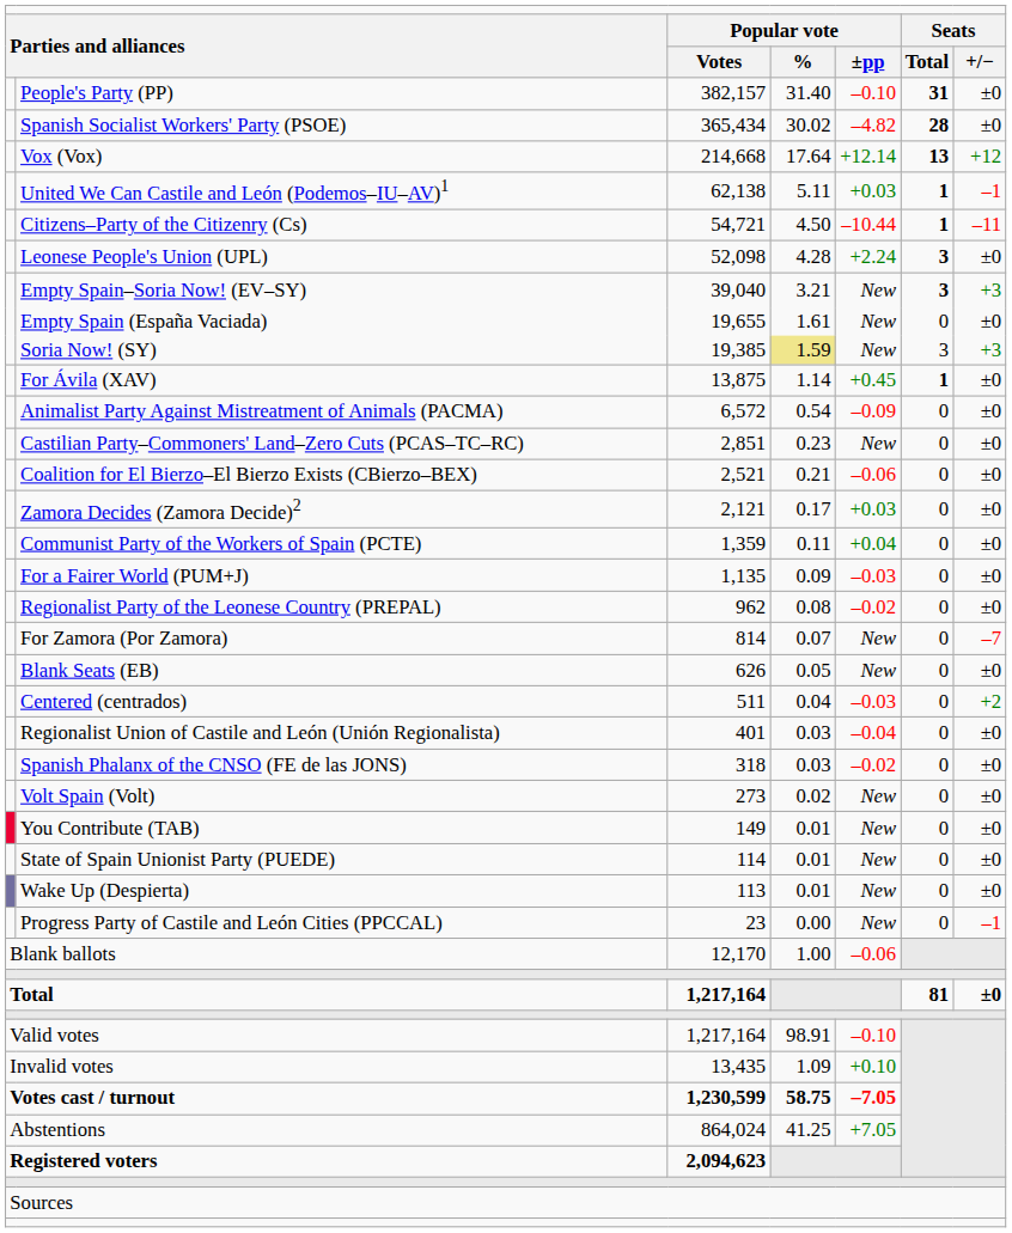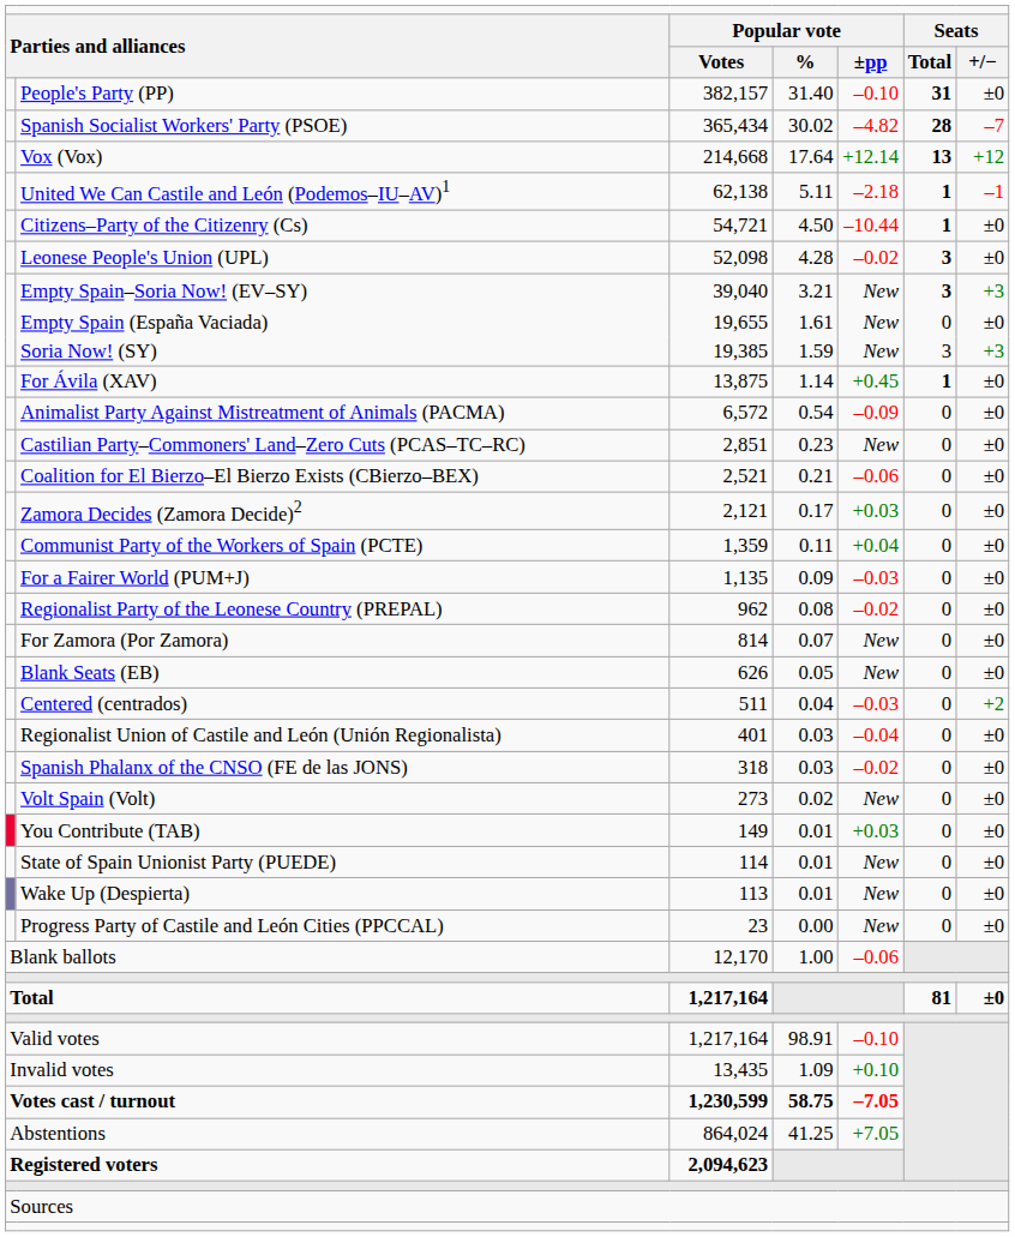 <table class="wikitable" style="text-align:right;">
 <tr>
 <td colspan="7"></td>
 </tr>
 <tr>
 <th style="text-align:left;" rowspan="2" colspan="2" width="525">Parties and alliances</th>
 <th colspan="3">Popular vote</th>
 <th colspan="2">Seats</th>
 </tr>
 <tr>
 <th width="75">Votes</th>
 <th width="45">%</th>
 <th width="45">±<a href='#'>pp</a></th>
 <th width="35">Total</th>
 <th width="35">+/−</th>
 </tr>
 <tr>
 <td width="1" style="color:inherit;background:"></td>
 <td align="left"><a href='#'>People's Party</a> (PP)</td>
 <td>382,157</td>
 <td>31.40</td>
 <td style="color:red;">–0.10</td>
 <td><strong>31</strong></td>
 <td>±0</td>
 </tr>
 <tr>
 <td style="color:inherit;background:"></td>
 <td align="left"><a href='#'>Spanish Socialist Workers' Party</a> (PSOE)</td>
 <td>365,434</td>
 <td>30.02</td>
 <td style="color:red;">–4.82</td>
 <td><strong>28</strong></td>
-<td>±0</td>
+<td style="color:red;">–7</td>
 </tr>
 <tr>
 <td style="color:inherit;background:"></td>
 <td align="left"><a href='#'>Vox</a> (Vox)</td>
 <td>214,668</td>
 <td>17.64</td>
 <td style="color:green;">+12.14</td>
 <td><strong>13</strong></td>
 <td style="color:green;">+12</td>
 </tr>
 <tr>
 <td style="color:inherit;background:"></td>
 <td align="left"><a href='#'>United We Can Castile and León</a> (<a href='#'>Podemos</a>–<a href='#'>IU</a>–<a href='#'>AV</a>)<sup>1</sup></td>
 <td>62,138</td>
 <td>5.11</td>
-<td style="color:green;">+0.03</td>
+<td style="color:red;">–2.18</td>
 <td><strong>1</strong></td>
 <td style="color:red;">–1</td>
 </tr>
 <tr>
 <td style="color:inherit;background:"></td>
 <td align="left"><a href='#'>Citizens–Party of the Citizenry</a> (Cs)</td>
 <td>54,721</td>
 <td>4.50</td>
 <td style="color:red;">–10.44</td>
 <td><strong>1</strong></td>
-<td style="color:red;">–11</td>
+<td>±0</td>
 </tr>
 <tr>
 <td style="color:inherit;background:"></td>
 <td align="left"><a href='#'>Leonese People's Union</a> (UPL)</td>
 <td>52,098</td>
 <td>4.28</td>
-<td style="color:green;">+2.24</td>
+<td style="color:red;">–0.02</td>
 <td><strong>3</strong></td>
 <td>±0</td>
 </tr>
 <tr style="line-height:22px;">
 <td rowspan="3" style="color:inherit;background:"></td>
 <td align="left"><a href='#'>Empty Spain</a>–<a href='#'>Soria Now!</a> (EV–SY)</td>
 <td>39,040</td>
 <td>3.21</td>
 <td><em>New</em></td>
 <td><strong>3</strong></td>
 <td style="color:green;">+3</td>
 </tr>
 <tr style="border-bottom-style:hidden; border-top-style:hidden; line-height:16px;">
 <td align="left"><span><a href='#'>Empty Spain</a> (España Vaciada)</span></td>
 <td>19,655</td>
 <td>1.61</td>
 <td><em>New</em></td>
 <td>0</td>
 <td>±0</td>
 </tr>
 <tr style="line-height:16px;">
 <td align="left"><span><a href='#'>Soria Now!</a> (SY)</span></td>
 <td>19,385</td>
-<td style="background: khaki;">1.59</td>
+<td>1.59</td>
 <td><em>New</em></td>
 <td>3</td>
 <td style="color:green;">+3</td>
 </tr>
 <tr>
 <td style="color:inherit;background:"></td>
 <td align="left"><a href='#'>For Ávila</a> (XAV)</td>
 <td>13,875</td>
 <td>1.14</td>
 <td style="color:green;">+0.45</td>
 <td><strong>1</strong></td>
 <td>±0</td>
 </tr>
 <tr>
 <td style="color:inherit;background:"></td>
 <td align="left"><a href='#'>Animalist Party Against Mistreatment of Animals</a> (PACMA)</td>
 <td>6,572</td>
 <td>0.54</td>
 <td style="color:red;">–0.09</td>
 <td>0</td>
 <td>±0</td>
 </tr>
 <tr>
 <td style="color:inherit;background:"></td>
 <td align="left"><a href='#'>Castilian Party</a>–<a href='#'>Commoners' Land</a>–<a href='#'>Zero Cuts</a> (PCAS–TC–RC)</td>
 <td>2,851</td>
 <td>0.23</td>
 <td><em>New</em></td>
 <td>0</td>
 <td>±0</td>
 </tr>
 <tr>
 <td style="color:inherit;background:"></td>
 <td align="left"><a href='#'>Coalition for El Bierzo</a>–El Bierzo Exists (CBierzo–BEX)</td>
 <td>2,521</td>
 <td>0.21</td>
 <td style="color:red;">–0.06</td>
 <td>0</td>
 <td>±0</td>
 </tr>
 <tr>
 <td style="color:inherit;background:"></td>
 <td align="left"><a href='#'>Zamora Decides</a> (Zamora Decide)<sup>2</sup></td>
 <td>2,121</td>
 <td>0.17</td>
 <td style="color:green;">+0.03</td>
 <td>0</td>
 <td>±0</td>
 </tr>
 <tr>
 <td style="color:inherit;background:"></td>
 <td align="left"><a href='#'>Communist Party of the Workers of Spain</a> (PCTE)</td>
 <td>1,359</td>
 <td>0.11</td>
 <td style="color:green;">+0.04</td>
 <td>0</td>
 <td>±0</td>
 </tr>
 <tr>
 <td style="color:inherit;background:"></td>
 <td align="left"><a href='#'>For a Fairer World</a> (PUM+J)</td>
 <td>1,135</td>
 <td>0.09</td>
 <td style="color:red;">–0.03</td>
 <td>0</td>
 <td>±0</td>
 </tr>
 <tr>
 <td style="color:inherit;background:"></td>
 <td align="left"><a href='#'>Regionalist Party of the Leonese Country</a> (PREPAL)</td>
 <td>962</td>
 <td>0.08</td>
 <td style="color:red;">–0.02</td>
 <td>0</td>
 <td>±0</td>
 </tr>
 <tr>
 <td style="color:inherit;background:"></td>
 <td align="left">For Zamora (Por Zamora)</td>
 <td>814</td>
 <td>0.07</td>
 <td><em>New</em></td>
 <td>0</td>
-<td style="color:red;">–7</td>
+<td>±0</td>
 </tr>
 <tr>
 <td style="color:inherit;background:"></td>
 <td align="left"><a href='#'>Blank Seats</a> (EB)</td>
 <td>626</td>
 <td>0.05</td>
 <td><em>New</em></td>
 <td>0</td>
 <td>±0</td>
 </tr>
 <tr>
 <td style="color:inherit;background:"></td>
 <td align="left"><a href='#'>Centered</a> (centrados)</td>
 <td>511</td>
 <td>0.04</td>
 <td style="color:red;">–0.03</td>
 <td>0</td>
 <td style="color:green;">+2</td>
 </tr>
 <tr>
 <td style="color:inherit;background:"></td>
 <td align="left">Regionalist Union of Castile and León (Unión Regionalista)</td>
 <td>401</td>
 <td>0.03</td>
 <td style="color:red;">–0.04</td>
 <td>0</td>
 <td>±0</td>
 </tr>
 <tr>
 <td style="color:inherit;background:"></td>
 <td align="left"><a href='#'>Spanish Phalanx of the CNSO</a> (FE de las JONS)</td>
 <td>318</td>
 <td>0.03</td>
 <td style="color:red;">–0.02</td>
 <td>0</td>
 <td>±0</td>
 </tr>
 <tr>
 <td style="color:inherit;background:"></td>
 <td align="left"><a href='#'>Volt Spain</a> (Volt)</td>
 <td>273</td>
 <td>0.02</td>
 <td><em>New</em></td>
 <td>0</td>
 <td>±0</td>
 </tr>
 <tr>
 <td style="color:inherit;background:#EC0035"></td>
 <td align="left">You Contribute (TAB)</td>
 <td>149</td>
 <td>0.01</td>
-<td><em>New</em></td>
+<td style="color:green;">+0.03</td>
 <td>0</td>
 <td>±0</td>
 </tr>
 <tr>
 <td style="color:inherit;background:"></td>
 <td align="left">State of Spain Unionist Party (PUEDE)</td>
 <td>114</td>
 <td>0.01</td>
 <td><em>New</em></td>
 <td>0</td>
 <td>±0</td>
 </tr>
 <tr>
 <td style="color:inherit;background:#716E9F"></td>
 <td align="left">Wake Up (Despierta)</td>
 <td>113</td>
 <td>0.01</td>
 <td><em>New</em></td>
 <td>0</td>
 <td>±0</td>
 </tr>
 <tr>
 <td style="color:inherit;background:"></td>
 <td align="left">Progress Party of Castile and León Cities (PPCCAL)</td>
 <td>23</td>
 <td>0.00</td>
 <td><em>New</em></td>
 <td>0</td>
-<td style="color:red;">–1</td>
+<td>±0</td>
 </tr>
 <tr>
 <td align="left" colspan="2">Blank ballots</td>
 <td>12,170</td>
 <td>1.00</td>
 <td style="color:red;">–0.06</td>
 <td bgcolor="#E9E9E9" colspan="2"></td>
 </tr>
 <tr>
 <td colspan="7" bgcolor="#E9E9E9"></td>
 </tr>
 <tr style="font-weight:bold;">
 <td align="left" colspan="2">Total</td>
 <td>1,217,164</td>
 <td bgcolor="#E9E9E9" colspan="2"></td>
 <td>81</td>
 <td>±0</td>
 </tr>
 <tr>
 <td colspan="7" bgcolor="#E9E9E9"></td>
 </tr>
 <tr>
 <td align="left" colspan="2">Valid votes</td>
 <td>1,217,164</td>
 <td>98.91</td>
 <td style="color:red;">–0.10</td>
 <td bgcolor="#E9E9E9" colspan="2" rowspan="5"></td>
 </tr>
 <tr>
 <td align="left" colspan="2">Invalid votes</td>
 <td>13,435</td>
 <td>1.09</td>
 <td style="color:green;">+0.10</td>
 </tr>
 <tr style="font-weight:bold;">
 <td align="left" colspan="2">Votes cast / turnout</td>
 <td>1,230,599</td>
 <td>58.75</td>
 <td style="color:red;">–7.05</td>
 </tr>
 <tr>
 <td align="left" colspan="2">Abstentions</td>
 <td>864,024</td>
 <td>41.25</td>
 <td style="color:green;">+7.05</td>
 </tr>
 <tr style="font-weight:bold;">
 <td align="left" colspan="2">Registered voters</td>
 <td>2,094,623</td>
 <td bgcolor="#E9E9E9" colspan="2"></td>
 </tr>
 <tr>
 <td colspan="7" bgcolor="#E9E9E9"></td>
 </tr>
 <tr>
 <td align="left" colspan="7">Sources</td>
 </tr>
 <tr>
 <td colspan="7" style="text-align:left; max-width:790px;"></td>
 </tr>
 </table>
